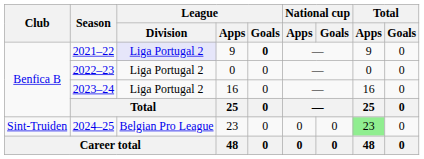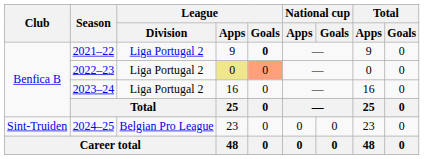 <table class="wikitable" style="text-align:center">
 <tr>
 <th rowspan="2">Club</th>
 <th rowspan="2">Season</th>
 <th colspan="3">League</th>
 <th colspan="2">National cup</th>
 <th colspan="2">Total</th>
 </tr>
 <tr>
 <th>Division</th>
 <th>Apps</th>
 <th>Goals</th>
 <th>Apps</th>
 <th>Goals</th>
 <th>Apps</th>
 <th>Goals</th>
 </tr>
 <tr>
 <td rowspan="4"><a href='#'>Benfica B</a></td>
 <td><a href='#'>2021–22</a></td>
-<td style="background: lavender;"><a href='#'>Liga Portugal 2</a></td>
+<td><a href='#'>Liga Portugal 2</a></td>
 <td>9</td>
 <td><strong>0</strong></td>
 <td colspan="2">—</td>
 <td>9</td>
 <td>0</td>
 </tr>
 <tr>
 <td><a href='#'>2022–23</a></td>
 <td>Liga Portugal 2</td>
-<td>0</td>
-<td>0</td>
+<td style="background: khaki;">0</td>
+<td style="background: lightsalmon;">0</td>
 <td colspan="2">—</td>
 <td>0</td>
 <td>0</td>
 </tr>
 <tr>
 <td><a href='#'>2023–24</a></td>
 <td>Liga Portugal 2</td>
 <td>16</td>
 <td>0</td>
 <td colspan="2">—</td>
 <td>16</td>
 <td>0</td>
 </tr>
 <tr>
 <th colspan="2">Total</th>
 <th>25</th>
 <th>0</th>
 <th colspan="2">—</th>
 <th>25</th>
 <th>0</th>
 </tr>
 <tr>
 <td><a href='#'>Sint-Truiden</a></td>
 <td><a href='#'>2024–25</a></td>
 <td><a href='#'>Belgian Pro League</a></td>
 <td>23</td>
 <td>0</td>
 <td>0</td>
 <td>0</td>
-<td style="background: lightgreen;">23</td>
+<td>23</td>
 <td>0</td>
 </tr>
 <tr>
 <th colspan="3">Career total</th>
 <th>48</th>
 <th>0</th>
 <th>0</th>
 <th>0</th>
 <th>48</th>
 <th>0</th>
 </tr>
 </table>
